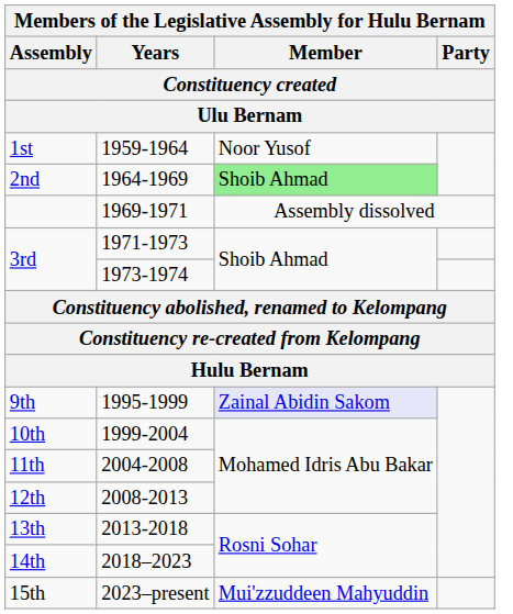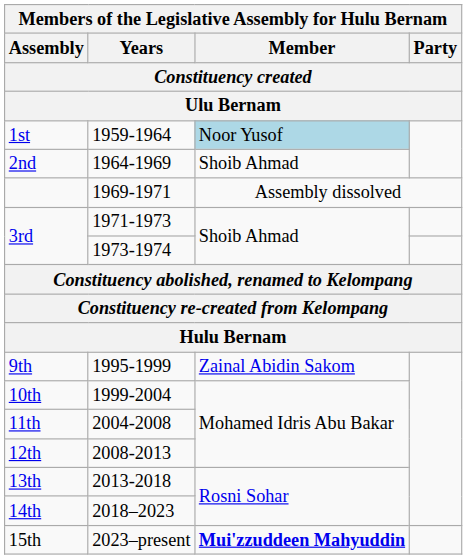 <table class=wikitable>
 <tr>
 <th colspan=4>Members of the Legislative Assembly for Hulu Bernam</th>
 </tr>
 <tr>
 <th>Assembly</th>
 <th>Years</th>
 <th>Member</th>
 <th>Party</th>
 </tr>
 <tr>
 <th colspan=4 align=center><em>Constituency created</em></th>
 </tr>
 <tr>
 <th colspan=4 align=center>Ulu Bernam</th>
 </tr>
 <tr>
 <td><a href='#'>1st</a></td>
 <td>1959-1964</td>
-<td>Noor Yusof</td>
+<td style="background: lightblue;">Noor Yusof</td>
 <td rowspan=2></td>
 </tr>
 <tr>
 <td><a href='#'>2nd</a></td>
 <td>1964-1969</td>
-<td style="background: lightgreen;">Shoib Ahmad</td>
+<td>Shoib Ahmad</td>
 </tr>
 <tr>
 <td></td>
 <td>1969-1971</td>
 <td colspan=2 align=center>Assembly dissolved</td>
 </tr>
 <tr>
 <td rowspan=2><a href='#'>3rd</a></td>
 <td>1971-1973</td>
 <td rowspan=2>Shoib Ahmad</td>
 <td></td>
 </tr>
 <tr>
 <td>1973-1974</td>
 <td></td>
 </tr>
 <tr>
 <th colspan=4 align=center><em>Constituency abolished, renamed to Kelompang</em></th>
 </tr>
 <tr>
 <th colspan=4 align=center><em>Constituency re-created from Kelompang</em></th>
 </tr>
 <tr>
 <th colspan=4 align=center>Hulu Bernam</th>
 </tr>
 <tr>
 <td><a href='#'>9th</a></td>
 <td>1995-1999</td>
-<td style="background: lavender;"><a href='#'>Zainal Abidin Sakom</a></td>
+<td><a href='#'>Zainal Abidin Sakom</a></td>
 <td rowspan=6></td>
 </tr>
 <tr>
 <td><a href='#'>10th</a></td>
 <td>1999-2004</td>
 <td rowspan=3>Mohamed Idris Abu Bakar</td>
 </tr>
 <tr>
 <td><a href='#'>11th</a></td>
 <td>2004-2008</td>
 </tr>
 <tr>
 <td><a href='#'>12th</a></td>
 <td>2008-2013</td>
 </tr>
 <tr>
 <td><a href='#'>13th</a></td>
 <td>2013-2018</td>
 <td rowspan=2><a href='#'>Rosni Sohar</a></td>
 </tr>
 <tr>
 <td><a href='#'>14th</a></td>
 <td>2018–2023</td>
 </tr>
 <tr>
 <td>15th</td>
 <td>2023–present</td>
-<td><a href='#'>Mui'zzuddeen Mahyuddin</a></td>
+<td><strong><a href='#'>Mui'zzuddeen Mahyuddin</a></strong></td>
 <td></td>
 </tr>
 </table>
